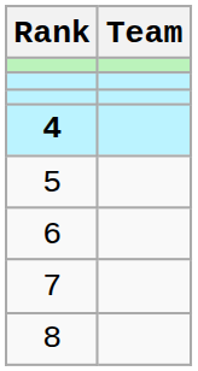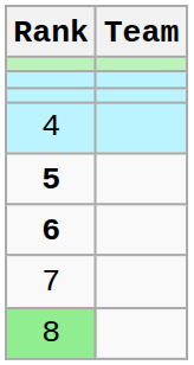 <table class=wikitable style="text-align:center;">
 <tr>
 <th>Rank</th>
 <th>Team</th>
 </tr>
 <tr bgcolor=bbf3bb>
 <td></td>
 <td align=left></td>
 </tr>
 <tr bgcolor=bbf3ff>
 <td></td>
 <td align=left></td>
 </tr>
 <tr bgcolor=bbf3ff>
 <td></td>
 <td align=left></td>
 </tr>
 <tr bgcolor=bbf3ff>
-<td><strong>4</strong></td>
+<td>4</td>
 <td align=left></td>
 </tr>
 <tr>
-<td>5</td>
+<td><strong>5</strong></td>
 <td align=left></td>
 </tr>
 <tr>
-<td>6</td>
+<td><strong>6</strong></td>
 <td align=left></td>
 </tr>
 <tr>
 <td>7</td>
 <td align=left></td>
 </tr>
 <tr>
-<td>8</td>
+<td style="background: lightgreen;">8</td>
 <td align=left></td>
 </tr>
 </table>
